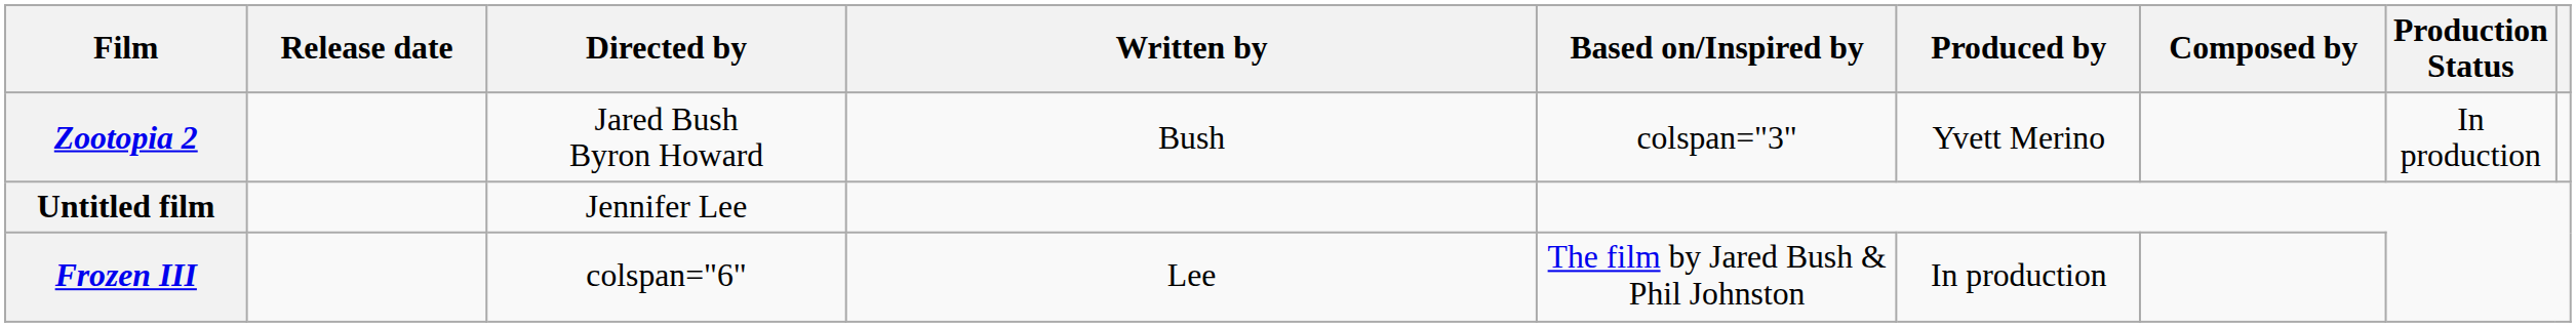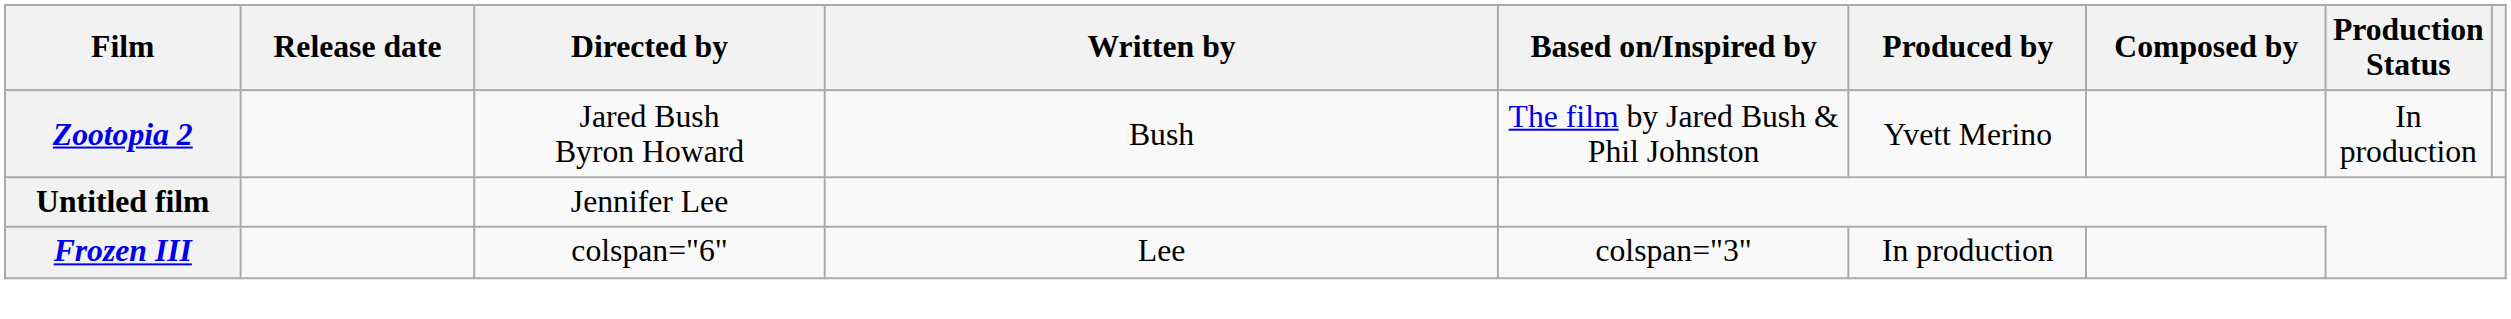 <table class="wikitable sortable mw-collapsible plainrowheaders" style="text-align:center; width:100%;">
 <tr>
 <th style="width:10%;">Film</th>
 <th style="width:10%;">Release date</th>
 <th style="width:15%;">Directed by</th>
 <th style="width:30%;">Written by</th>
 <th style="width:15%;">Based on/Inspired by</th>
 <th style="width:10%;">Produced by</th>
 <th style="width:15%;">Composed by</th>
 <th style="width:15%;">Production Status</th>
 <th style="width:15%;"></th>
 </tr>
 <tr>
 <th scope="row" style="text-align:center;"><em><a href='#'>Zootopia 2</a></em></th>
 <td></td>
 <td>Jared Bush<br>Byron Howard</td>
 <td>Bush</td>
-<td>colspan="3" </td>
+<td><a href='#'>The film</a> by Jared Bush & Phil Johnston</td>
 <td>Yvett Merino</td>
 <td></td>
 <td>In production</td>
 <td></td>
 </tr>
 <tr>
 <th scope="row" style="text-align:center;">Untitled film</th>
 <td></td>
 <td>Jennifer Lee</td>
 <td></td>
 </tr>
 <tr>
 <th scope="row" style="text-align:center;"><em><a href='#'>Frozen III</a></em></th>
 <td></td>
 <td>colspan="6" </td>
 <td>Lee</td>
-<td><a href='#'>The film</a> by Jared Bush & Phil Johnston</td>
+<td>colspan="3" </td>
 <td>In production</td>
 <td></td>
 </tr>
 </table>
